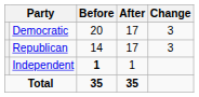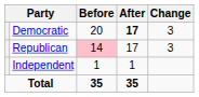 <table class="wikitable" style="text-align:center;">
 <tr>
 <th colspan="2">Party</th>
 <th>Before</th>
 <th>After</th>
 <th>Change</th>
 </tr>
 <tr>
 <th style="background-color:"></th>
 <td style="text-align:left;"><a href='#'>Democratic</a></td>
 <td>20</td>
-<td>17</td>
+<td><strong>17</strong></td>
 <td> 3</td>
 </tr>
 <tr>
 <th style="background-color:"></th>
 <td style="text-align:left;"><a href='#'>Republican</a></td>
-<td>14</td>
+<td style="background: pink;">14</td>
 <td>17</td>
 <td> 3</td>
 </tr>
 <tr>
 <th style="background-color:"></th>
 <td style="text-align:left;"><a href='#'>Independent</a></td>
-<td><strong>1</strong></td>
+<td>1</td>
 <td>1</td>
 <td></td>
 </tr>
 <tr>
 <td colspan="2"><strong>Total</strong></td>
 <td><strong>35</strong></td>
 <td><strong>35</strong></td>
 <td></td>
 </tr>
 </table>
